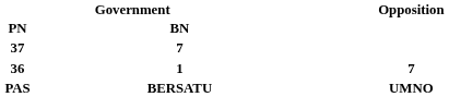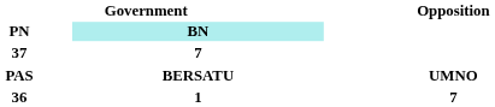 <table style="width:40em;">
 <tr style="text-align:center;">
 <td colspan="2" style="color:"><strong>Government</strong></td>
 <td colspan="1" style="color:"><strong>Opposition</strong></td>
 </tr>
 <tr style="text-align:center;">
 <td style="color:"><strong>PN</strong></td>
-<td style="color:"><strong>BN</strong></td>
+<td style="background: paleturquoise; color:"><strong>BN</strong></td>
 </tr>
 <tr style="text-align:center;">
 <td style="background:"><strong>37</strong></td>
 <td style="background:"><strong>7</strong></td>
 </tr>
 <tr>
 </tr>
 <tr style="text-align:center;">
+<td style="color:"><strong>PAS</strong></td>
+<td style="color:"><strong>BERSATU</strong></td>
+<td style="color:"><strong>UMNO</strong></td>
+</tr>
+<tr style="text-align:center;">
 <td style="background:"><strong>36</strong></td>
 <td style="background:"><strong>1</strong></td>
 <td style="background:"><strong>7</strong></td>
 </tr>
-<tr style="text-align:center;">
-<td style="color:"><strong>PAS</strong></td>
-<td style="color:"><strong>BERSATU</strong></td>
-<td style="color:"><strong>UMNO</strong></td>
-</tr>
 </table>
